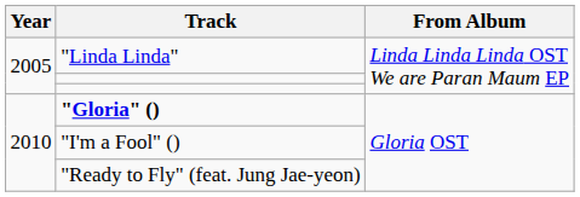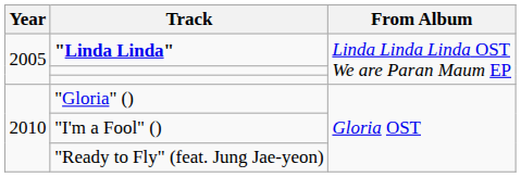 <table class="wikitable sortable">
 <tr>
 <th scope="col">Year</th>
 <th>Track</th>
 <th>From Album</th>
 </tr>
 <tr>
 <td rowspan="3">2005</td>
-<td>"<a href='#'>Linda Linda</a>"</td>
+<td><strong>"<a href='#'>Linda Linda</a>"</strong></td>
 <td rowspan="3"><a href='#'><em>Linda Linda Linda</em> OST</a> <br> <em>We are Paran Maum</em> <a href='#'>EP</a></td>
 </tr>
 <tr>
 <td></td>
 </tr>
 <tr>
 <td></td>
 </tr>
 <tr>
 <td rowspan="3">2010</td>
-<td><strong>"<a href='#'>Gloria</a>" ()</strong></td>
+<td>"<a href='#'>Gloria</a>" ()</td>
 <td rowspan="3"><em><a href='#'>Gloria</a></em> <a href='#'>OST</a></td>
 </tr>
 <tr>
 <td>"I'm a Fool" ()</td>
 </tr>
 <tr>
 <td>"Ready to Fly" (feat. Jung Jae-yeon)</td>
 </tr>
 </table>
